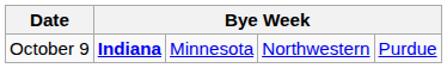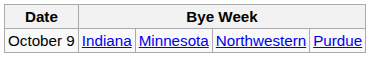 <table class="wikitable" style="font-size:95%;">
 <tr>
 <th>Date</th>
 <th colspan="4">Bye Week</th>
 </tr>
 <tr>
 <td>October 9</td>
-<td><strong><a href='#'>Indiana</a></strong></td>
+<td><a href='#'>Indiana</a></td>
 <td><a href='#'>Minnesota</a></td>
 <td><a href='#'>Northwestern</a></td>
 <td><a href='#'>Purdue</a></td>
 </tr>
 </table>
